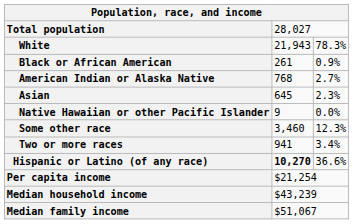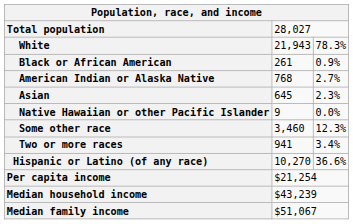 <table class="wikitable collapsible collapsed">
 <tr>
 <th colspan="6">Population, race, and income</th>
 </tr>
 <tr>
 <th scope="row" style="text-align: left;">Total population</th>
 <td colspan="2">28,027</td>
 </tr>
 <tr>
 <th scope="row" style="text-align: left;">  White</th>
 <td>21,943</td>
 <td>78.3%</td>
 </tr>
 <tr>
 <th scope="row" style="text-align: left;">  Black or African American</th>
 <td>261</td>
 <td>0.9%</td>
 </tr>
 <tr>
 <th scope="row" style="text-align: left;">  American Indian or Alaska Native</th>
 <td>768</td>
 <td>2.7%</td>
 </tr>
 <tr>
 <th scope="row" style="text-align: left;">  Asian</th>
 <td>645</td>
 <td>2.3%</td>
 </tr>
 <tr>
 <th scope="row" style="text-align: left;">  Native Hawaiian or other Pacific Islander</th>
 <td>9</td>
 <td>0.0%</td>
 </tr>
 <tr>
 <th scope="row" style="text-align: left;">  Some other race</th>
 <td>3,460</td>
 <td>12.3%</td>
 </tr>
 <tr>
 <th scope="row" style="text-align: left;">  Two or more races</th>
 <td>941</td>
 <td>3.4%</td>
 </tr>
 <tr>
 <th scope="row" style="text-align: left;"> Hispanic or Latino (of any race)</th>
-<td><strong>10,270</strong></td>
+<td>10,270</td>
 <td>36.6%</td>
 </tr>
 <tr>
 <th scope="row" style="text-align: left;">Per capita income</th>
 <td colspan="2">$21,254</td>
 </tr>
 <tr>
 <th scope="row" style="text-align: left;">Median household income</th>
 <td colspan="2">$43,239</td>
 </tr>
 <tr>
 <th scope="row" style="text-align: left;">Median family income</th>
 <td colspan="2">$51,067</td>
 </tr>
 </table>
